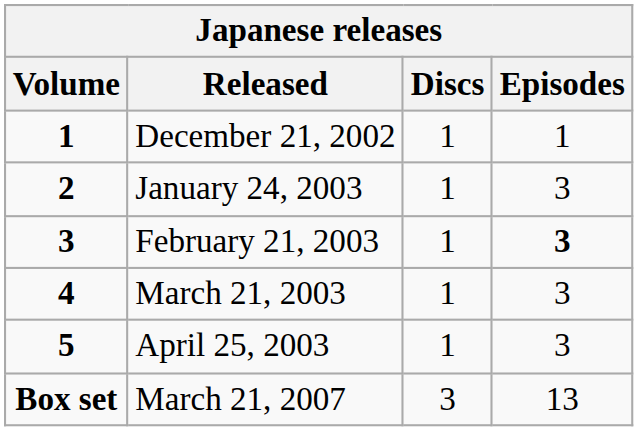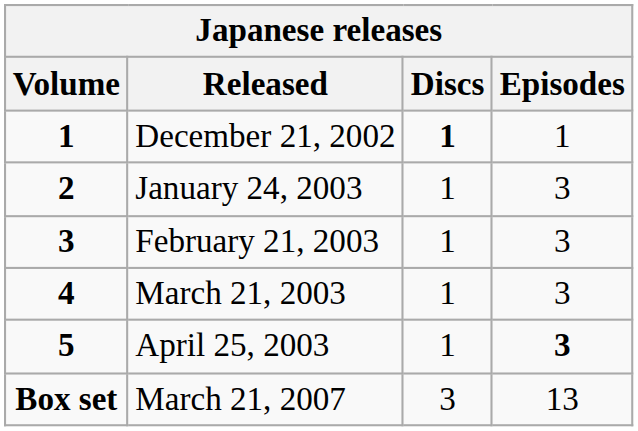 <table class="wikitable">
 <tr>
 <th colspan="4"><strong>Japanese releases</strong></th>
 </tr>
 <tr>
 <th><strong>Volume</strong></th>
 <th><strong>Released</strong></th>
 <th><strong>Discs</strong></th>
 <th><strong>Episodes</strong></th>
 </tr>
 <tr>
 <td align=center><strong>1</strong></td>
 <td>December 21, 2002</td>
-<td align=center>1</td>
+<td align=center><strong>1</strong></td>
 <td align=center>1</td>
 </tr>
 <tr>
 <td align=center><strong>2</strong></td>
 <td>January 24, 2003</td>
 <td align=center>1</td>
 <td align=center>3</td>
 </tr>
 <tr>
 <td align=center><strong>3</strong></td>
 <td>February 21, 2003</td>
 <td align=center>1</td>
-<td align=center><strong>3</strong></td>
+<td align=center>3</td>
 </tr>
 <tr>
 <td align=center><strong>4</strong></td>
 <td>March 21, 2003</td>
 <td align=center>1</td>
 <td align=center>3</td>
 </tr>
 <tr>
 <td align=center><strong>5</strong></td>
 <td>April 25, 2003</td>
 <td align=center>1</td>
-<td align=center>3</td>
+<td align=center><strong>3</strong></td>
 </tr>
 <tr>
 <td align=center><strong>Box set</strong></td>
 <td>March 21, 2007</td>
 <td align=center>3</td>
 <td align=center>13</td>
 </tr>
 </table>
